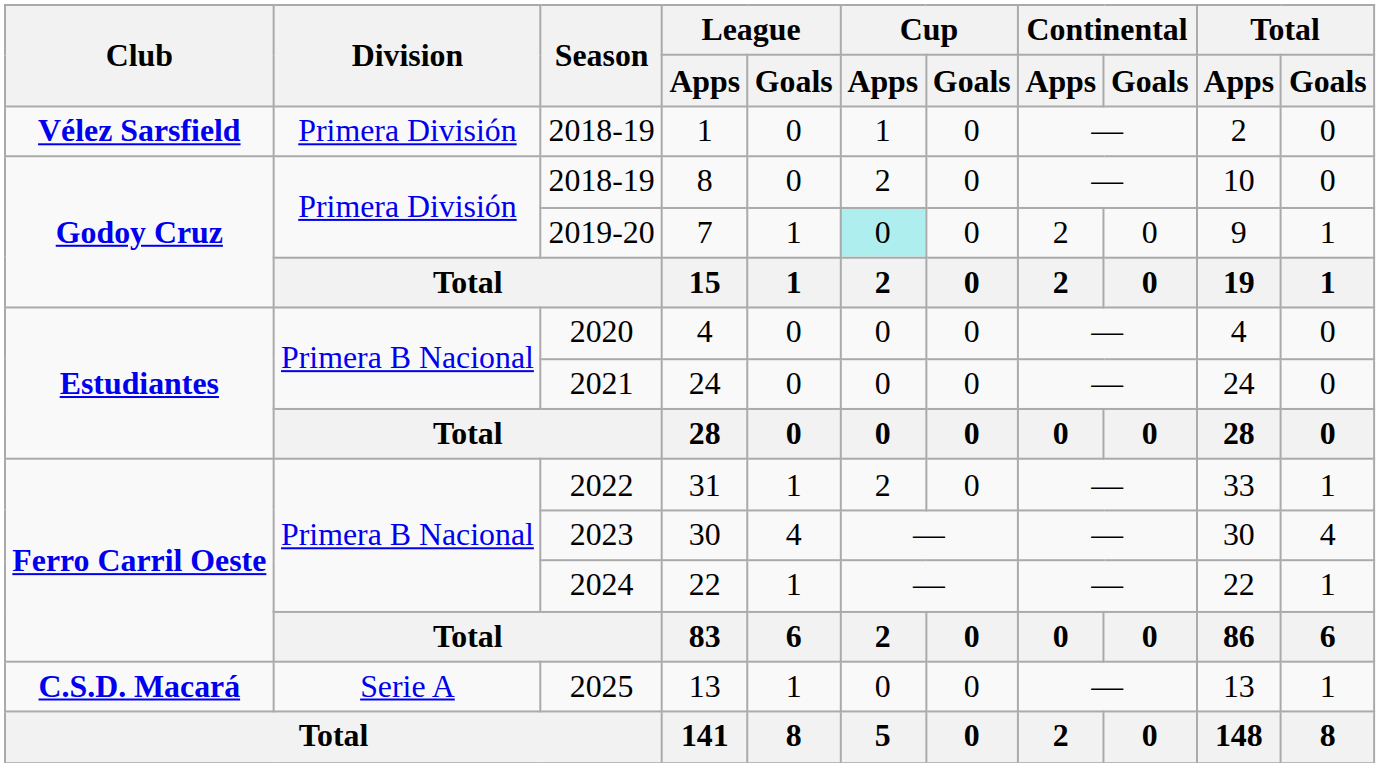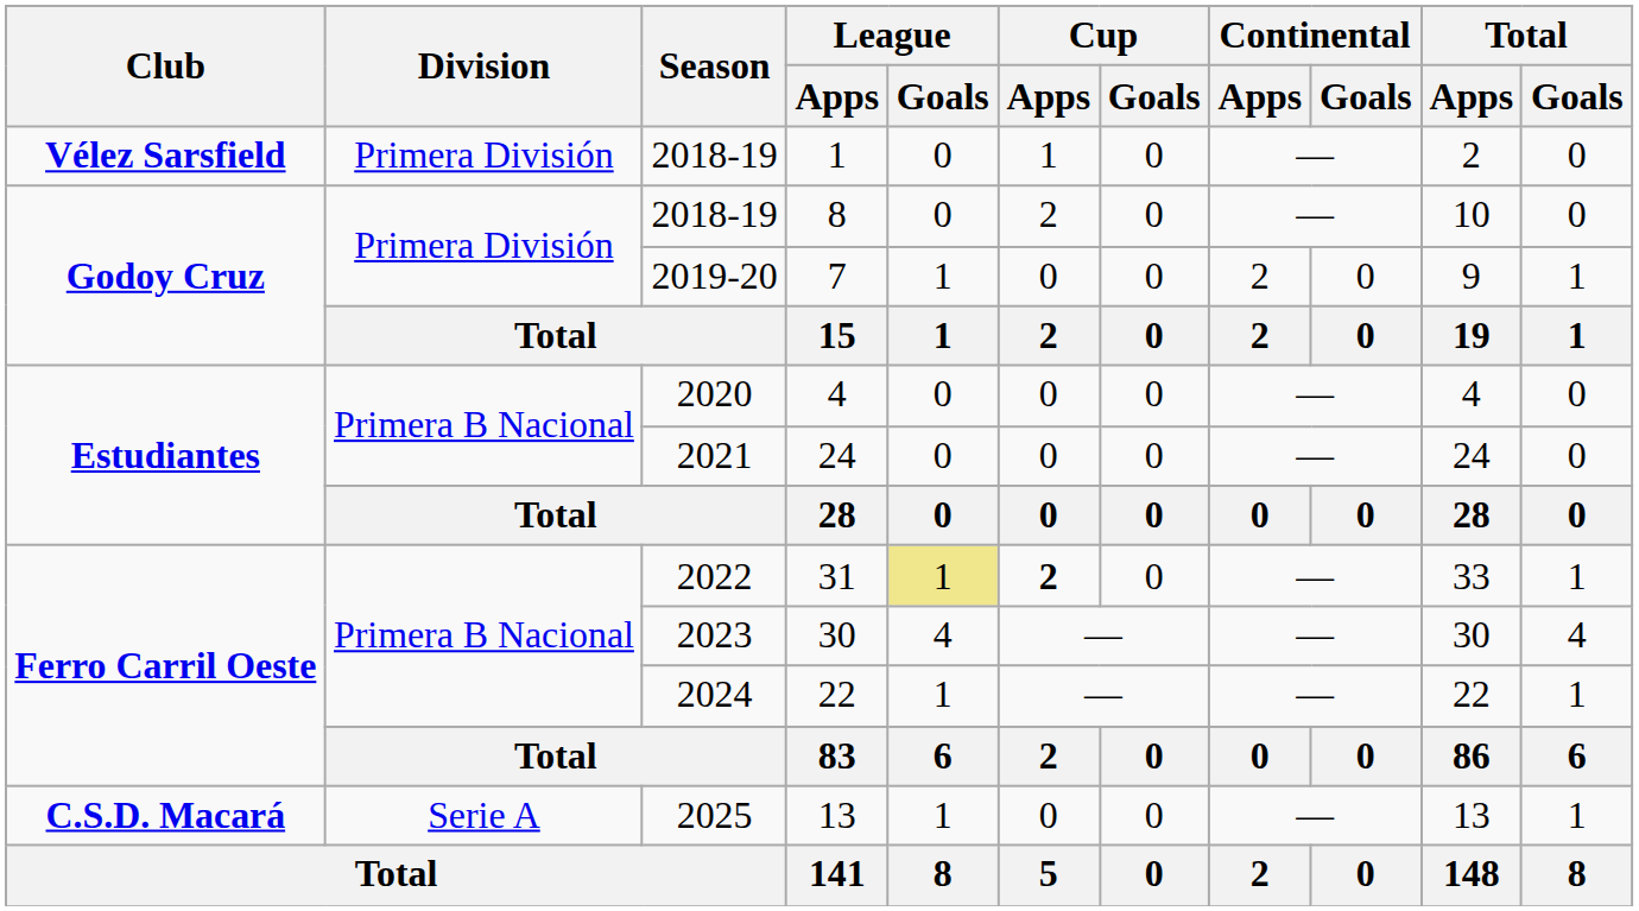 <table class="wikitable center" style="text-align: center">
 <tr>
 <th rowspan="2">Club</th>
 <th rowspan="2">Division</th>
 <th rowspan="2">Season</th>
 <th colspan="2">League</th>
 <th colspan="2">Cup</th>
 <th colspan="2">Continental</th>
 <th colspan="2">Total</th>
 </tr>
 <tr>
 <th>Apps</th>
 <th>Goals</th>
 <th>Apps</th>
 <th>Goals</th>
 <th>Apps</th>
 <th>Goals</th>
 <th>Apps</th>
 <th>Goals</th>
 </tr>
 <tr>
 <td><strong><a href='#'>Vélez Sarsfield</a></strong></td>
 <td><a href='#'>Primera División</a></td>
 <td>2018-19</td>
 <td>1</td>
 <td>0</td>
 <td>1</td>
 <td>0</td>
 <td colspan="2">—</td>
 <td>2</td>
 <td>0</td>
 </tr>
 <tr>
 <td rowspan="3"><strong><a href='#'>Godoy Cruz</a></strong></td>
 <td rowspan="2"><a href='#'>Primera División</a></td>
 <td>2018-19</td>
 <td>8</td>
 <td>0</td>
 <td>2</td>
 <td>0</td>
 <td colspan="2">—</td>
 <td>10</td>
 <td>0</td>
 </tr>
 <tr>
 <td>2019-20</td>
 <td>7</td>
 <td>1</td>
-<td style="background: paleturquoise;">0</td>
+<td>0</td>
 <td>0</td>
 <td>2</td>
 <td>0</td>
 <td>9</td>
 <td>1</td>
 </tr>
 <tr>
 <th colspan="2">Total</th>
 <th>15</th>
 <th>1</th>
 <th>2</th>
 <th>0</th>
 <th>2</th>
 <th>0</th>
 <th>19</th>
 <th>1</th>
 </tr>
 <tr>
 <td rowspan="3"><strong><a href='#'>Estudiantes</a></strong></td>
 <td rowspan="2"><a href='#'>Primera B Nacional</a></td>
 <td>2020</td>
 <td>4</td>
 <td>0</td>
 <td>0</td>
 <td>0</td>
 <td colspan="2">—</td>
 <td>4</td>
 <td>0</td>
 </tr>
 <tr>
 <td>2021</td>
 <td>24</td>
 <td>0</td>
 <td>0</td>
 <td>0</td>
 <td colspan="2">—</td>
 <td>24</td>
 <td>0</td>
 </tr>
 <tr>
 <th colspan="2">Total</th>
 <th>28</th>
 <th>0</th>
 <th>0</th>
 <th>0</th>
 <th>0</th>
 <th>0</th>
 <th>28</th>
 <th>0</th>
 </tr>
 <tr>
 <td rowspan="4"><strong><a href='#'>Ferro Carril Oeste</a></strong></td>
 <td rowspan="3"><a href='#'>Primera B Nacional</a></td>
 <td>2022</td>
 <td>31</td>
-<td>1</td>
-<td>2</td>
+<td style="background: khaki;">1</td>
+<td><strong>2</strong></td>
 <td>0</td>
 <td colspan="2">—</td>
 <td>33</td>
 <td>1</td>
 </tr>
 <tr>
 <td>2023</td>
 <td>30</td>
 <td>4</td>
 <td colspan="2">—</td>
 <td colspan="2">—</td>
 <td>30</td>
 <td>4</td>
 </tr>
 <tr>
 <td>2024</td>
 <td>22</td>
 <td>1</td>
 <td colspan="2">—</td>
 <td colspan="2">—</td>
 <td>22</td>
 <td>1</td>
 </tr>
 <tr>
 <th colspan="2">Total</th>
 <th>83</th>
 <th>6</th>
 <th>2</th>
 <th>0</th>
 <th>0</th>
 <th>0</th>
 <th>86</th>
 <th>6</th>
 </tr>
 <tr>
 <td><strong><a href='#'>C.S.D. Macará</a></strong></td>
 <td><a href='#'>Serie A</a></td>
 <td>2025</td>
 <td>13</td>
 <td>1</td>
 <td>0</td>
 <td>0</td>
 <td colspan="2">—</td>
 <td>13</td>
 <td>1</td>
 </tr>
 <tr>
 <th colspan="3">Total</th>
 <th>141</th>
 <th>8</th>
 <th>5</th>
 <th>0</th>
 <th>2</th>
 <th>0</th>
 <th>148</th>
 <th>8</th>
 </tr>
 </table>
